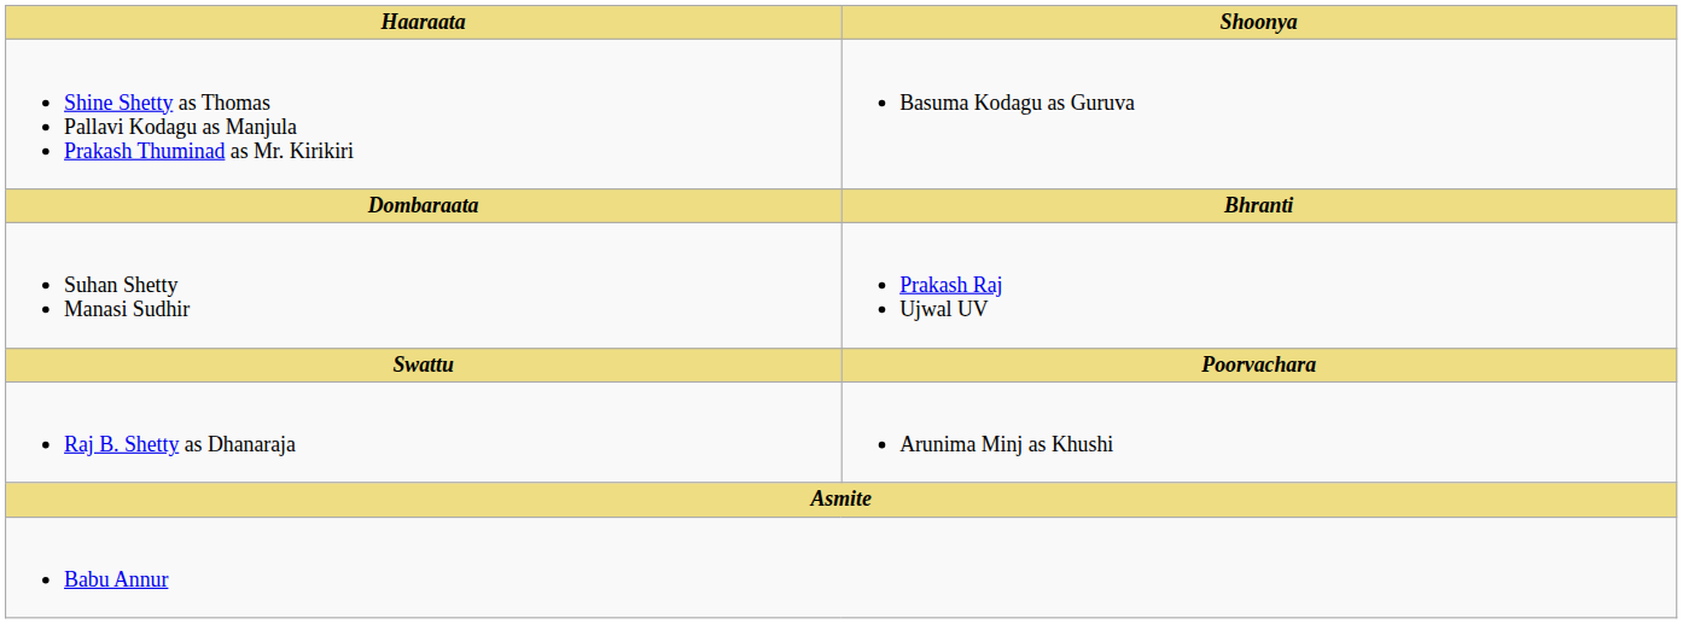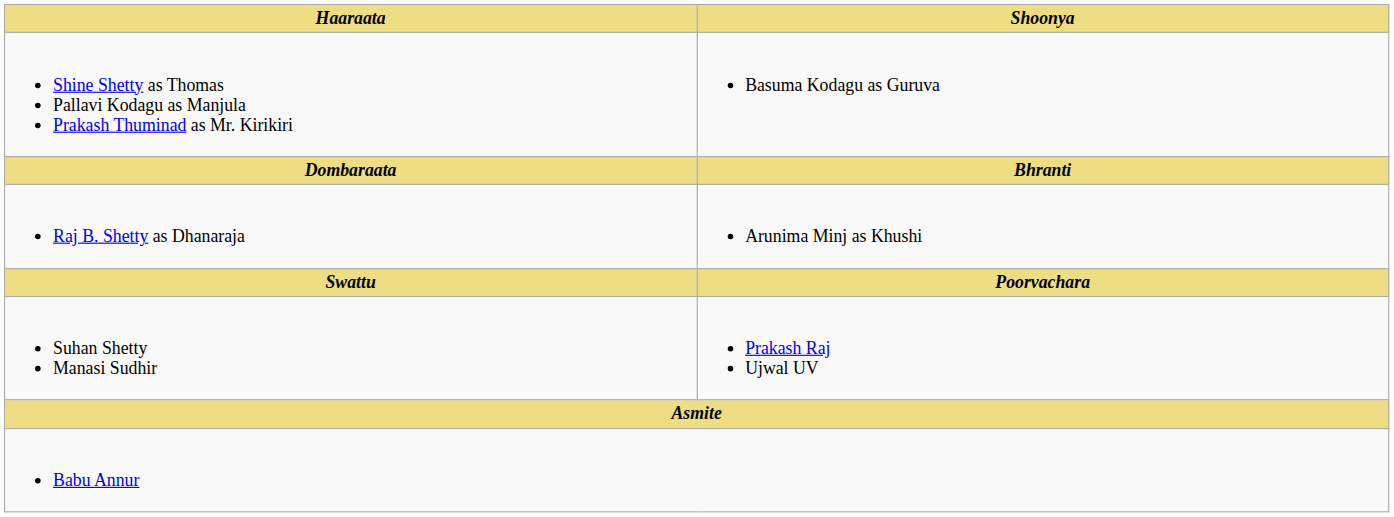 <table class=wikitable>
 <tr>
 <th style="background:#EEDD82; width:10%"><em>Haaraata</em></th>
 <th style="background:#EEDD82; width:10%"><em>Shoonya</em></th>
 </tr>
 <tr>
 <td valign="top"><br><ul><li><a href='#'>Shine Shetty</a> as Thomas</li><li>Pallavi Kodagu as Manjula</li><li><a href='#'>Prakash Thuminad</a> as Mr. Kirikiri</li></ul></td>
 <td valign="top"><br><ul><li>Basuma Kodagu as Guruva</li></ul></td>
 </tr>
 <tr>
 <th style="background:#EEDD82; width:10%"><em>Dombaraata</em></th>
 <th style="background:#EEDD82; width:10%"><em>Bhranti</em></th>
 </tr>
 <tr>
-<td valign="top"><br><ul><li>Suhan Shetty</li><li>Manasi Sudhir</li></ul></td>
-<td valign="top"><br><ul><li><a href='#'>Prakash Raj</a></li><li>Ujwal UV</li></ul></td>
+<td valign="top"><br><ul><li><a href='#'>Raj B. Shetty</a> as Dhanaraja</li></ul></td>
+<td valign="top"><br><ul><li>Arunima Minj as Khushi</li></ul></td>
 </tr>
 <tr>
 <th style="background:#EEDD82; width:10%"><em>Swattu</em></th>
 <th style="background:#EEDD82; width:10%"><em>Poorvachara</em></th>
 </tr>
 <tr>
-<td valign="top"><br><ul><li><a href='#'>Raj B. Shetty</a> as Dhanaraja</li></ul></td>
-<td valign="top"><br><ul><li>Arunima Minj as Khushi</li></ul></td>
+<td valign="top"><br><ul><li>Suhan Shetty</li><li>Manasi Sudhir</li></ul></td>
+<td valign="top"><br><ul><li><a href='#'>Prakash Raj</a></li><li>Ujwal UV</li></ul></td>
 </tr>
 <tr>
 <th colspan="2" style="background:#EEDD82"><em>Asmite</em></th>
 </tr>
 <tr>
 <td colspan="2"  valign="top"><br><ul><li><a href='#'>Babu Annur</a></li></ul></td>
 </tr>
 </table>
